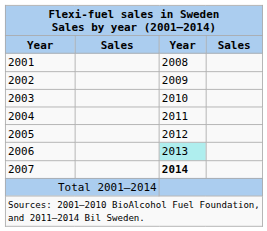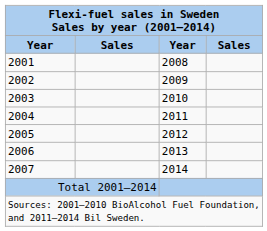 <table class="wikitable" style="float: right; margin-left: 10px">
 <tr>
 <th colspan="4"  style="text-align:center; background:#abcdef;">Flexi-fuel sales in Sweden<br> Sales by year (2001–2014)</th>
 </tr>
 <tr>
 <th style="background:#abcdef;">Year</th>
 <th style="background:#abcdef;">Sales</th>
 <th style="background:#abcdef;">Year</th>
 <th style="background:#abcdef;">Sales</th>
 </tr>
 <tr>
 <td>2001</td>
 <td></td>
 <td>2008</td>
 <td></td>
 </tr>
 <tr>
 <td>2002</td>
 <td></td>
 <td>2009</td>
 <td></td>
 </tr>
 <tr>
 <td>2003</td>
 <td></td>
 <td>2010</td>
 <td></td>
 </tr>
 <tr>
 <td>2004</td>
 <td></td>
 <td>2011</td>
 <td></td>
 </tr>
 <tr>
 <td>2005</td>
 <td></td>
 <td>2012</td>
 <td></td>
 </tr>
 <tr>
 <td>2006</td>
 <td></td>
-<td style="background: paleturquoise;">2013</td>
+<td>2013</td>
 <td></td>
 </tr>
 <tr>
 <td>2007</td>
 <td></td>
-<td><strong>2014</strong></td>
+<td>2014</td>
 <td></td>
 </tr>
 <tr style="background:#abcdef;">
 <td colspan="2"  style="text-align:right; ">Total 2001–2014</td>
 <td colspan="2" style="background:#abcdef;"></td>
 </tr>
 <tr>
 <td colspan="4"><small> Sources: 2001–2010 BioAlcohol Fuel Foundation,<br> and 2011–2014 Bil Sweden.</small></td>
 </tr>
 </table>
